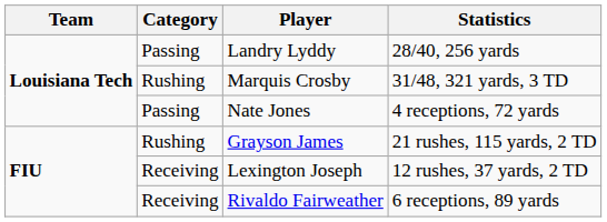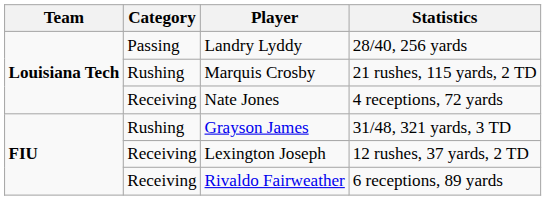 <table class="wikitable" style="float: left;">
 <tr>
 <th>Team</th>
 <th>Category</th>
 <th>Player</th>
 <th>Statistics</th>
 </tr>
 <tr>
 <td rowspan=3><strong>Louisiana Tech</strong></td>
 <td>Passing</td>
 <td>Landry Lyddy</td>
 <td>28/40, 256 yards</td>
 </tr>
 <tr>
 <td>Rushing</td>
 <td>Marquis Crosby</td>
-<td>31/48, 321 yards, 3 TD</td>
+<td>21 rushes, 115 yards, 2 TD</td>
 </tr>
 <tr>
-<td>Passing</td>
+<td>Receiving</td>
 <td>Nate Jones</td>
 <td>4 receptions, 72 yards</td>
 </tr>
 <tr>
 <td rowspan=3><strong>FIU</strong></td>
 <td>Rushing</td>
 <td><a href='#'>Grayson James</a></td>
-<td>21 rushes, 115 yards, 2 TD</td>
+<td>31/48, 321 yards, 3 TD</td>
 </tr>
 <tr>
 <td>Receiving</td>
 <td>Lexington Joseph</td>
 <td>12 rushes, 37 yards, 2 TD</td>
 </tr>
 <tr>
 <td>Receiving</td>
 <td><a href='#'>Rivaldo Fairweather</a></td>
 <td>6 receptions, 89 yards</td>
 </tr>
 </table>
